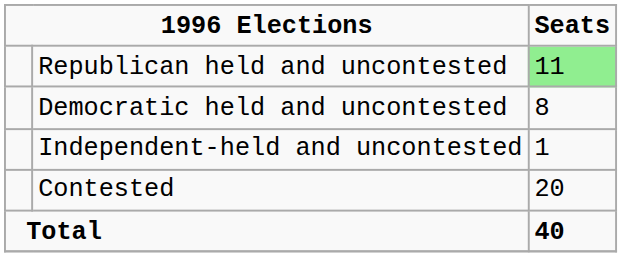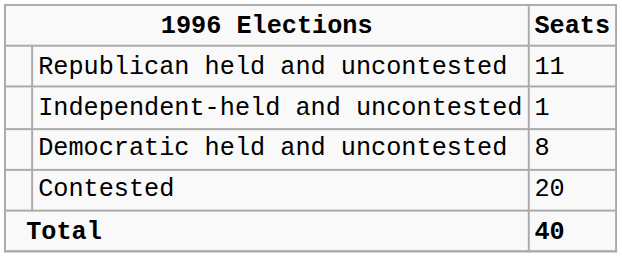 <table class="wikitable">
 <tr>
 <td colspan="2" rowspan="1" align="center"><strong>1996 Elections</strong></td>
 <td valign="top"><strong>Seats</strong></td>
 </tr>
 <tr>
 <td style="background-color:"> </td>
 <td>Republican held and uncontested</td>
-<td style="background: lightgreen;">11</td>
+<td>11</td>
+</tr>
+<tr>
+<td style="background-color:"> </td>
+<td>Independent-held and uncontested</td>
+<td>1</td>
 </tr>
 <tr>
 <td style="background-color:"> </td>
 <td>Democratic held and uncontested</td>
 <td>8</td>
-</tr>
-<tr>
-<td style="background-color:"> </td>
-<td>Independent-held and uncontested</td>
-<td>1</td>
 </tr>
 <tr>
 <td style="background-color:"> </td>
 <td>Contested</td>
 <td>20</td>
 </tr>
 <tr>
 <td colspan="2" rowspan="1"> <strong>Total</strong><br></td>
 <td><strong>40</strong></td>
 </tr>
 <tr>
 </tr>
 </table>
